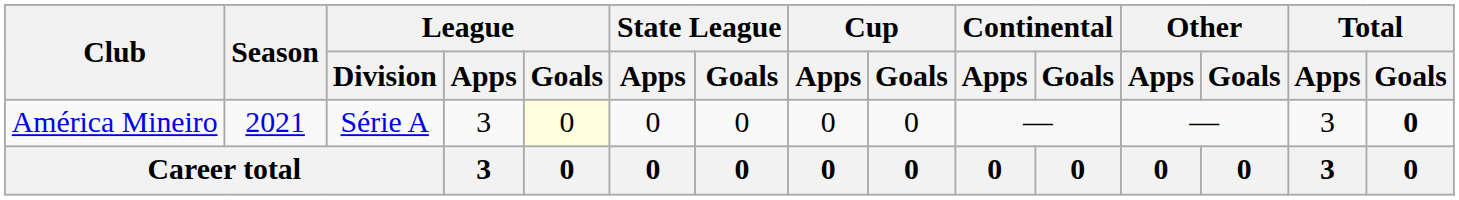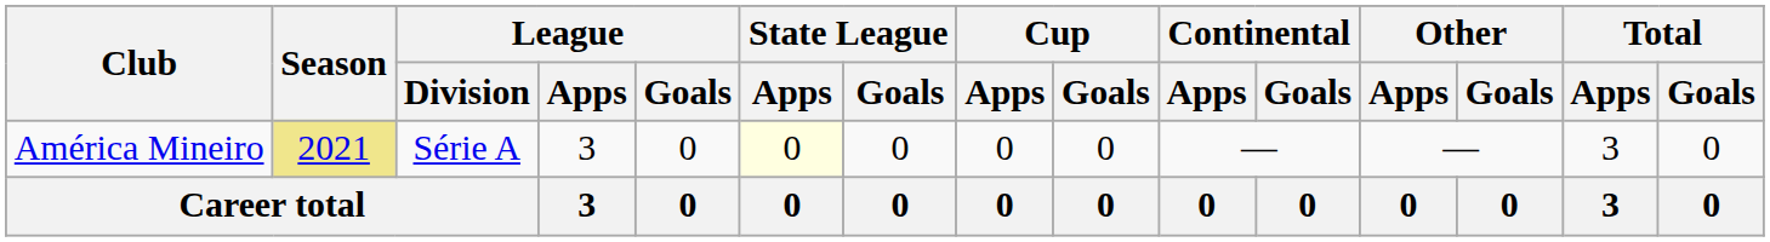 <table class="wikitable" style="text-align: center;">
 <tr>
 <th rowspan="2">Club</th>
 <th rowspan="2">Season</th>
 <th colspan="3">League</th>
 <th colspan="2">State League</th>
 <th colspan="2">Cup</th>
 <th colspan="2">Continental</th>
 <th colspan="2">Other</th>
 <th colspan="2">Total</th>
 </tr>
 <tr>
 <th>Division</th>
 <th>Apps</th>
 <th>Goals</th>
 <th>Apps</th>
 <th>Goals</th>
 <th>Apps</th>
 <th>Goals</th>
 <th>Apps</th>
 <th>Goals</th>
 <th>Apps</th>
 <th>Goals</th>
 <th>Apps</th>
 <th>Goals</th>
 </tr>
 <tr>
 <td><a href='#'>América Mineiro</a></td>
-<td><a href='#'>2021</a></td>
+<td style="background: khaki;"><a href='#'>2021</a></td>
 <td><a href='#'>Série A</a></td>
 <td>3</td>
+<td>0</td>
 <td style="background: lightyellow;">0</td>
-<td>0</td>
 <td>0</td>
 <td>0</td>
 <td>0</td>
 <td colspan=2>—</td>
 <td colspan=2>—</td>
 <td>3</td>
-<td><strong>0</strong></td>
+<td>0</td>
 </tr>
 <tr>
 <th colspan=3><strong>Career total</strong></th>
 <th>3</th>
 <th>0</th>
 <th>0</th>
 <th>0</th>
 <th>0</th>
 <th>0</th>
 <th>0</th>
 <th>0</th>
 <th>0</th>
 <th>0</th>
 <th>3</th>
 <th>0</th>
 </tr>
 </table>
